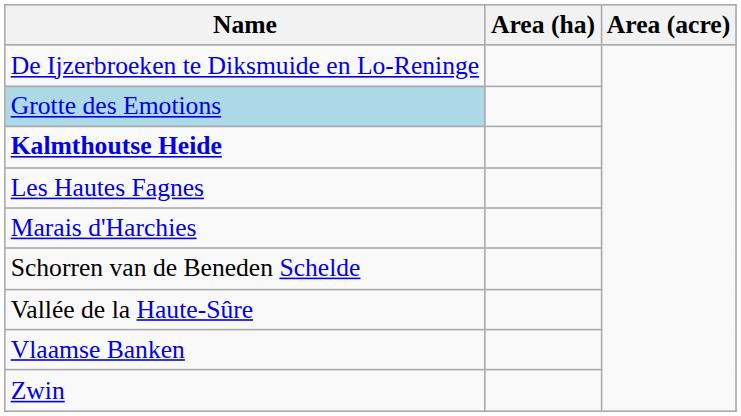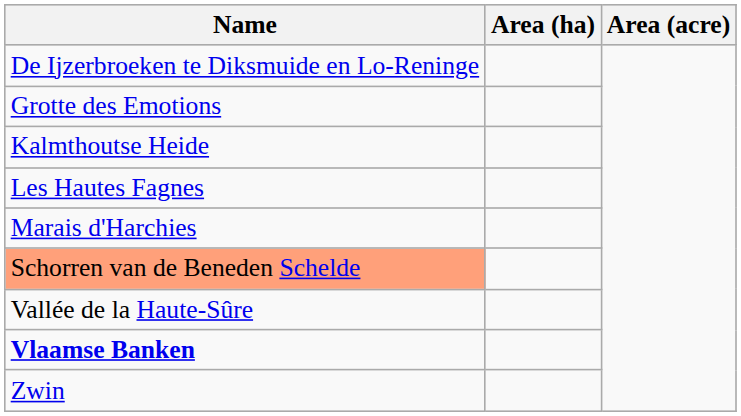 <table class="wikitable sortable">
 <tr>
 <th scope="col" align=left>Name</th>
 <th scope="col">Area (ha)</th>
 <th scope="col">Area (acre)</th>
 </tr>
 <tr ---->
 <td><a href='#'>De Ijzerbroeken te Diksmuide en Lo-Reninge</a></td>
 <td></td>
 </tr>
 <tr ---->
-<td style="background: lightblue;"><a href='#'>Grotte des Emotions</a></td>
+<td><a href='#'>Grotte des Emotions</a></td>
 <td></td>
 </tr>
 <tr ---->
-<td><strong><a href='#'>Kalmthoutse Heide</a></strong></td>
+<td><a href='#'>Kalmthoutse Heide</a></td>
 <td></td>
 </tr>
 <tr ---->
 <td><a href='#'>Les Hautes Fagnes</a></td>
 <td></td>
 </tr>
 <tr ---->
 <td><a href='#'>Marais d'Harchies</a></td>
 <td></td>
 </tr>
 <tr ---->
-<td>Schorren van de Beneden <a href='#'>Schelde</a></td>
+<td style="background: lightsalmon;">Schorren van de Beneden <a href='#'>Schelde</a></td>
 <td></td>
 </tr>
 <tr ---->
 <td>Vallée de la <a href='#'>Haute-Sûre</a></td>
 <td></td>
 </tr>
 <tr ---->
-<td><a href='#'>Vlaamse Banken</a></td>
+<td><strong><a href='#'>Vlaamse Banken</a></strong></td>
 <td></td>
 </tr>
 <tr ---->
 <td><a href='#'>Zwin</a></td>
 <td></td>
 </tr>
 </table>
